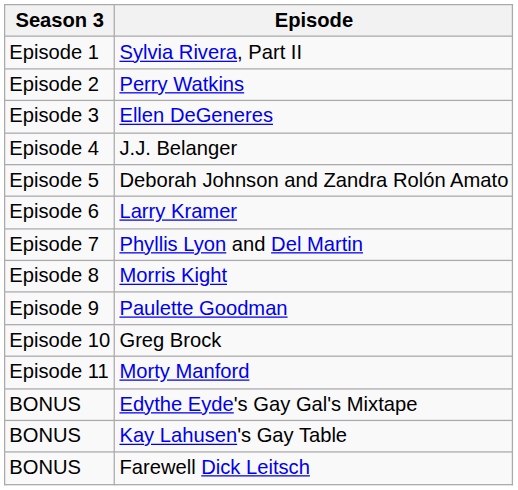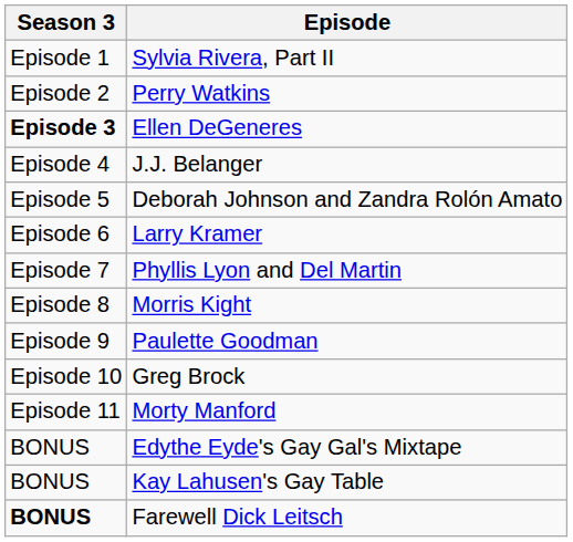 <table class="wikitable sortable">
 <tr>
 <th>Season 3</th>
 <th>Episode</th>
 </tr>
 <tr>
 <td>Episode 1</td>
 <td><a href='#'>Sylvia Rivera</a>, Part II</td>
 </tr>
 <tr>
 <td>Episode 2</td>
 <td><a href='#'>Perry Watkins</a></td>
 </tr>
 <tr>
-<td>Episode 3</td>
+<td><strong>Episode 3</strong></td>
 <td><a href='#'>Ellen DeGeneres</a></td>
 </tr>
 <tr>
 <td>Episode 4</td>
 <td>J.J. Belanger</td>
 </tr>
 <tr>
 <td>Episode 5</td>
 <td>Deborah Johnson and Zandra Rolón Amato</td>
 </tr>
 <tr>
 <td>Episode 6</td>
 <td><a href='#'>Larry Kramer</a></td>
 </tr>
 <tr>
 <td>Episode 7</td>
 <td><a href='#'>Phyllis Lyon</a> and <a href='#'>Del Martin</a></td>
 </tr>
 <tr>
 <td>Episode 8</td>
 <td><a href='#'>Morris Kight</a></td>
 </tr>
 <tr>
 <td>Episode 9</td>
 <td><a href='#'>Paulette Goodman</a></td>
 </tr>
 <tr>
 <td>Episode 10</td>
 <td>Greg Brock</td>
 </tr>
 <tr>
 <td>Episode 11</td>
 <td><a href='#'>Morty Manford</a></td>
 </tr>
 <tr>
 <td>BONUS</td>
 <td><a href='#'>Edythe Eyde</a>'s Gay Gal's Mixtape</td>
 </tr>
 <tr>
 <td>BONUS</td>
 <td><a href='#'>Kay Lahusen</a>'s Gay Table</td>
 </tr>
 <tr>
-<td>BONUS</td>
+<td><strong>BONUS</strong></td>
 <td>Farewell <a href='#'>Dick Leitsch</a></td>
 </tr>
 </table>
